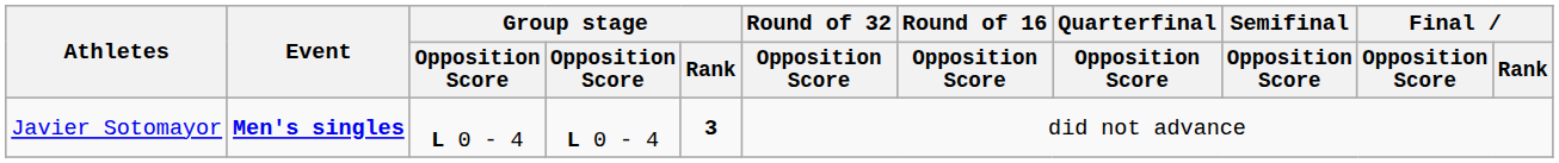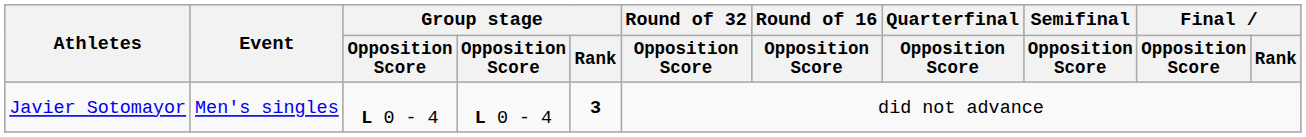 <table class=wikitable style=font-size:88%;text-align:center>
 <tr>
 <th rowspan=2>Athletes</th>
 <th rowspan=2>Event</th>
 <th colspan=3>Group stage</th>
 <th>Round of 32</th>
 <th>Round of 16</th>
 <th>Quarterfinal</th>
 <th>Semifinal</th>
 <th colspan=2>Final / </th>
 </tr>
 <tr style=font-size:95%>
 <th>Opposition<br>Score</th>
 <th>Opposition<br>Score</th>
 <th>Rank</th>
 <th>Opposition<br>Score</th>
 <th>Opposition<br>Score</th>
 <th>Opposition<br>Score</th>
 <th>Opposition<br>Score</th>
 <th>Opposition<br>Score</th>
 <th>Rank</th>
 </tr>
 <tr>
 <td align=left><a href='#'>Javier Sotomayor</a></td>
-<td align=left><strong><a href='#'>Men's singles</a></strong></td>
+<td align=left><a href='#'>Men's singles</a></td>
 <td><br><strong>L</strong> 0 - 4</td>
 <td><br><strong>L</strong> 0 - 4</td>
 <td><strong>3</strong></td>
 <td colspan=6>did not advance</td>
 </tr>
 </table>
